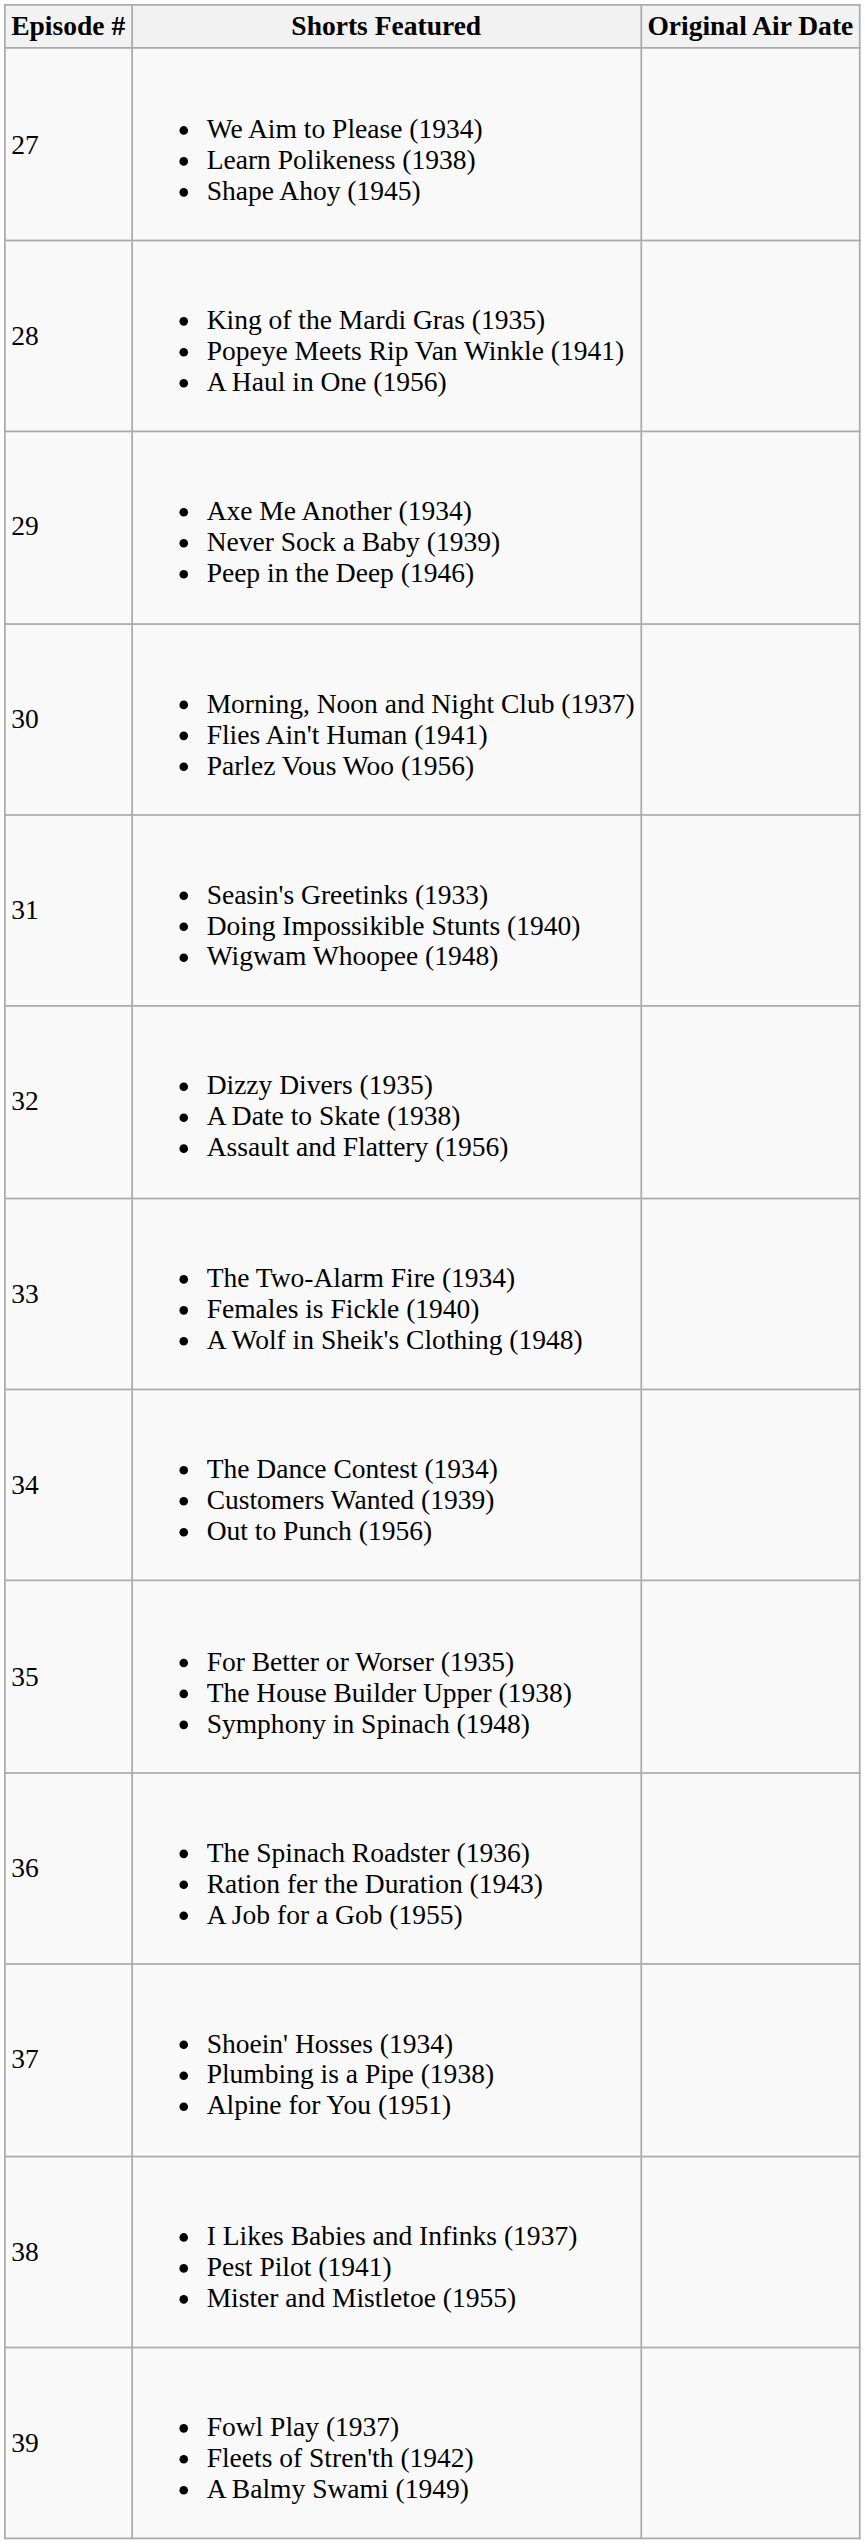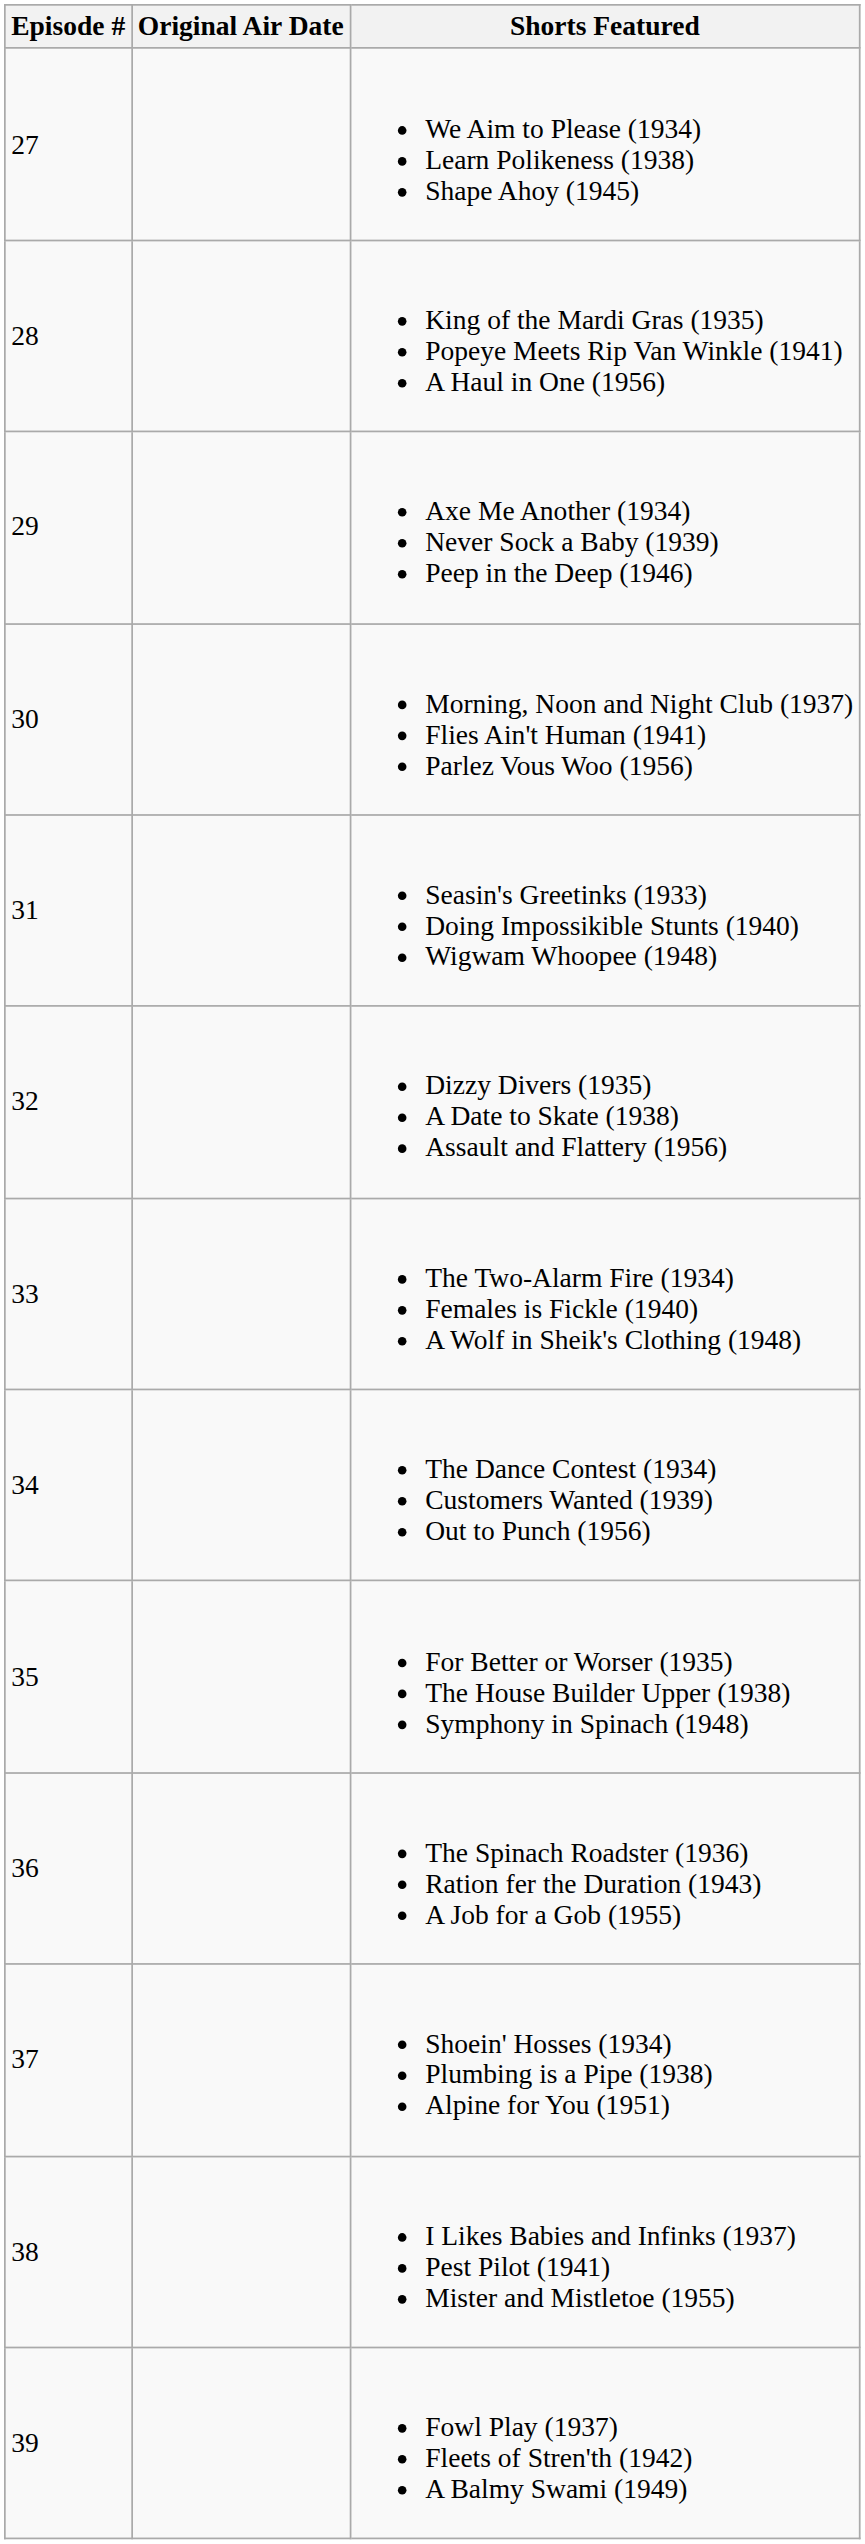 <table class="wikitable">
 <tr>
 <th>Episode #</th>
+<th>Original Air Date</th>
 <th>Shorts Featured</th>
-<th>Original Air Date</th>
 </tr>
 <tr>
 <td>27</td>
+<td></td>
 <td><br><ul><li>We Aim to Please (1934)</li><li>Learn Polikeness (1938)</li><li>Shape Ahoy (1945)</li></ul></td>
-<td></td>
 </tr>
 <tr>
 <td>28</td>
+<td></td>
 <td><br><ul><li>King of the Mardi Gras (1935)</li><li>Popeye Meets Rip Van Winkle (1941)</li><li>A Haul in One (1956)</li></ul></td>
-<td></td>
 </tr>
 <tr>
 <td>29</td>
+<td></td>
 <td><br><ul><li>Axe Me Another (1934)</li><li>Never Sock a Baby (1939)</li><li>Peep in the Deep (1946)</li></ul></td>
-<td></td>
 </tr>
 <tr>
 <td>30</td>
+<td></td>
 <td><br><ul><li>Morning, Noon and Night Club (1937)</li><li>Flies Ain't Human (1941)</li><li>Parlez Vous Woo (1956)</li></ul></td>
-<td></td>
 </tr>
 <tr>
 <td>31</td>
+<td></td>
 <td><br><ul><li>Seasin's Greetinks (1933)</li><li>Doing Impossikible Stunts (1940)</li><li>Wigwam Whoopee (1948)</li></ul></td>
-<td></td>
 </tr>
 <tr>
 <td>32</td>
+<td></td>
 <td><br><ul><li>Dizzy Divers (1935)</li><li>A Date to Skate (1938)</li><li>Assault and Flattery (1956)</li></ul></td>
-<td></td>
 </tr>
 <tr>
 <td>33</td>
+<td></td>
 <td><br><ul><li>The Two-Alarm Fire (1934)</li><li>Females is Fickle (1940)</li><li>A Wolf in Sheik's Clothing (1948)</li></ul></td>
-<td></td>
 </tr>
 <tr>
 <td>34</td>
+<td></td>
 <td><br><ul><li>The Dance Contest (1934)</li><li>Customers Wanted (1939)</li><li>Out to Punch (1956)</li></ul></td>
-<td></td>
 </tr>
 <tr>
 <td>35</td>
+<td></td>
 <td><br><ul><li>For Better or Worser (1935)</li><li>The House Builder Upper (1938)</li><li>Symphony in Spinach (1948)</li></ul></td>
-<td></td>
 </tr>
 <tr>
 <td>36</td>
+<td></td>
 <td><br><ul><li>The Spinach Roadster (1936)</li><li>Ration fer the Duration (1943)</li><li>A Job for a Gob (1955)</li></ul></td>
-<td></td>
 </tr>
 <tr>
 <td>37</td>
+<td></td>
 <td><br><ul><li>Shoein' Hosses (1934)</li><li>Plumbing is a Pipe (1938)</li><li>Alpine for You (1951)</li></ul></td>
-<td></td>
 </tr>
 <tr>
 <td>38</td>
+<td></td>
 <td><br><ul><li>I Likes Babies and Infinks (1937)</li><li>Pest Pilot (1941)</li><li>Mister and Mistletoe (1955)</li></ul></td>
-<td></td>
 </tr>
 <tr>
 <td>39</td>
+<td></td>
 <td><br><ul><li>Fowl Play (1937)</li><li>Fleets of Stren'th (1942)</li><li>A Balmy Swami (1949)</li></ul></td>
-<td></td>
 </tr>
 </table>
